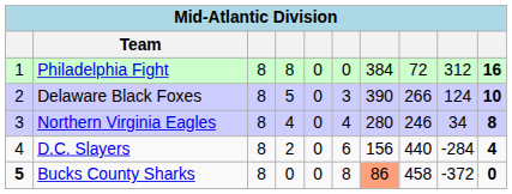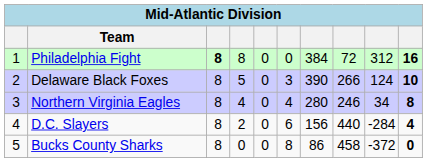 <table class="wikitable" style="text-align:center">
 <tr>
 <td style="background:lightblue; text-align:center;" colspan="10"><strong><span>Mid-Atlantic Division</span></strong></td>
 </tr>
 <tr>
 <th style="width:20px;"></th>
 <th style="width:200px;">Team</th>
 <th style="width:20px;"></th>
 <th style="width:20px;"></th>
 <th style="width:20px;"></th>
 <th style="width:20px;"></th>
 <th style="width:30px;"></th>
 <th style="width:30px;"></th>
 <th style="width:30px;"></th>
 <th style="width:20px;"></th>
 </tr>
 <tr style="background:#cfc;">
 <td>1</td>
 <td style="text-align:left;"> <a href='#'>Philadelphia Fight</a></td>
-<td>8</td>
+<td><strong>8</strong></td>
 <td>8</td>
 <td>0</td>
 <td>0</td>
 <td>384</td>
 <td>72</td>
 <td>312</td>
 <td><strong>16</strong></td>
 </tr>
 <tr style="background:#ccf;">
 <td>2</td>
 <td style="text-align:left;"> Delaware Black Foxes</td>
 <td>8</td>
 <td>5</td>
 <td>0</td>
 <td>3</td>
 <td>390</td>
 <td>266</td>
 <td>124</td>
 <td><strong>10</strong></td>
 </tr>
 <tr style="background:#ccf;">
 <td>3</td>
 <td style="text-align:left;"> <a href='#'>Northern Virginia Eagles</a></td>
 <td>8</td>
 <td>4</td>
 <td>0</td>
 <td>4</td>
 <td>280</td>
 <td>246</td>
 <td>34</td>
 <td><strong>8</strong></td>
 </tr>
 <tr>
 <td>4</td>
 <td style="text-align:left;"> <a href='#'>D.C. Slayers</a></td>
 <td>8</td>
 <td>2</td>
 <td>0</td>
 <td>6</td>
 <td>156</td>
 <td>440</td>
 <td>-284</td>
 <td><strong>4</strong></td>
 </tr>
 <tr>
-<td><strong>5</strong></td>
+<td>5</td>
 <td style="text-align:left;"> <a href='#'>Bucks County Sharks</a></td>
 <td>8</td>
 <td>0</td>
 <td>0</td>
 <td>8</td>
-<td style="background: lightsalmon;">86</td>
+<td>86</td>
 <td>458</td>
 <td>-372</td>
 <td><strong>0</strong></td>
 </tr>
 </table>
